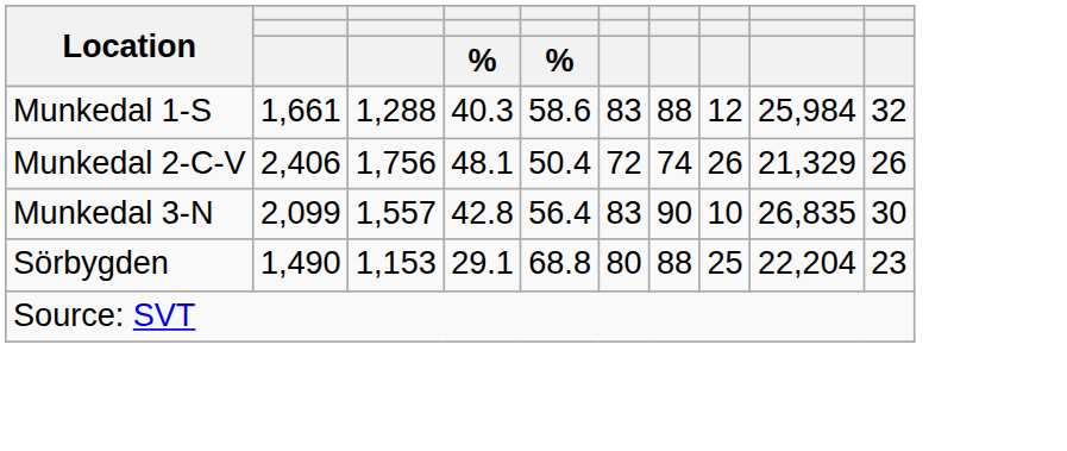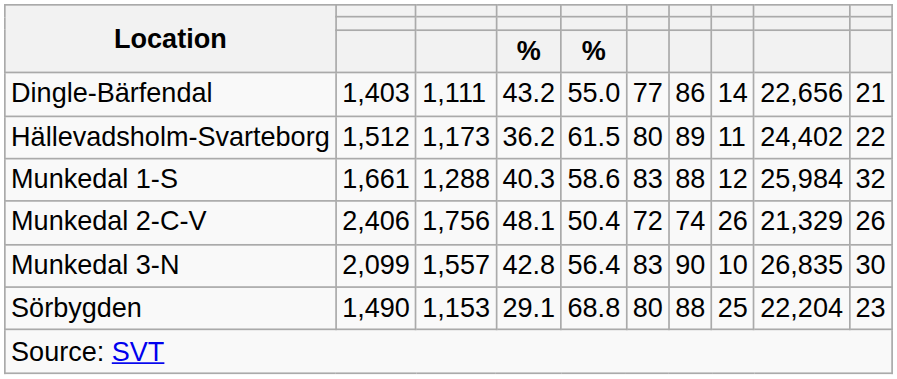 <table role="presentation" class="wikitable sortable mw-collapsible">
 <tr>
 <th rowspan="3">Location</th>
 <th></th>
 <th></th>
 <th></th>
 <th></th>
 <th></th>
 <th></th>
 <th></th>
 <th></th>
 <th></th>
 </tr>
 <tr>
 <th></th>
 <th></th>
 <th style="background:"></th>
 <th style="background:"></th>
 <th></th>
 <th></th>
 <th></th>
 <th></th>
 <th></th>
 </tr>
 <tr>
 <th data-sort-type="number"></th>
 <th data-sort-type="number"></th>
 <th data-sort-type="number">%</th>
 <th data-sort-type="number">%</th>
 <th data-sort-type="number"></th>
 <th data-sort-type="number"></th>
 <th data-sort-type="number"></th>
 <th data-sort-type="number"></th>
 <th data-sort-type="number"></th>
+</tr>
+<tr>
+<td align="left">Dingle-Bärfendal</td>
+<td>1,403</td>
+<td>1,111</td>
+<td>43.2</td>
+<td>55.0</td>
+<td>77</td>
+<td>86</td>
+<td>14</td>
+<td>22,656</td>
+<td>21</td>
+</tr>
+<tr>
+<td align="left">Hällevadsholm-Svarteborg</td>
+<td>1,512</td>
+<td>1,173</td>
+<td>36.2</td>
+<td>61.5</td>
+<td>80</td>
+<td>89</td>
+<td>11</td>
+<td>24,402</td>
+<td>22</td>
 </tr>
 <tr>
 <td align="left">Munkedal 1-S</td>
 <td>1,661</td>
 <td>1,288</td>
 <td>40.3</td>
 <td>58.6</td>
 <td>83</td>
 <td>88</td>
 <td>12</td>
 <td>25,984</td>
 <td>32</td>
 </tr>
 <tr>
 <td align="left">Munkedal 2-C-V</td>
 <td>2,406</td>
 <td>1,756</td>
 <td>48.1</td>
 <td>50.4</td>
 <td>72</td>
 <td>74</td>
 <td>26</td>
 <td>21,329</td>
 <td>26</td>
 </tr>
 <tr>
 <td align="left">Munkedal 3-N</td>
 <td>2,099</td>
 <td>1,557</td>
 <td>42.8</td>
 <td>56.4</td>
 <td>83</td>
 <td>90</td>
 <td>10</td>
 <td>26,835</td>
 <td>30</td>
 </tr>
 <tr>
 <td align="left">Sörbygden</td>
 <td>1,490</td>
 <td>1,153</td>
 <td>29.1</td>
 <td>68.8</td>
 <td>80</td>
 <td>88</td>
 <td>25</td>
 <td>22,204</td>
 <td>23</td>
 </tr>
 <tr>
 <td colspan="10" align="left">Source: <a href='#'>SVT</a></td>
 </tr>
 </table>
